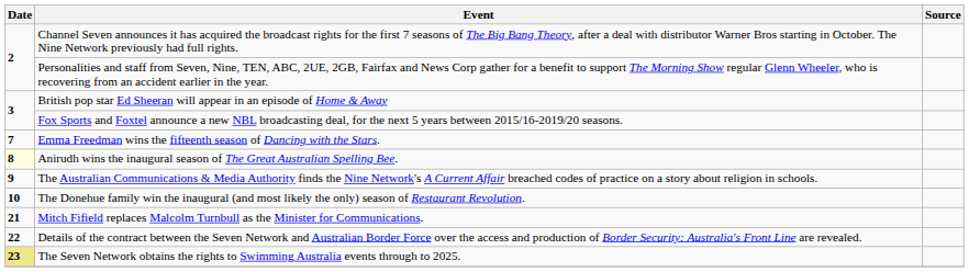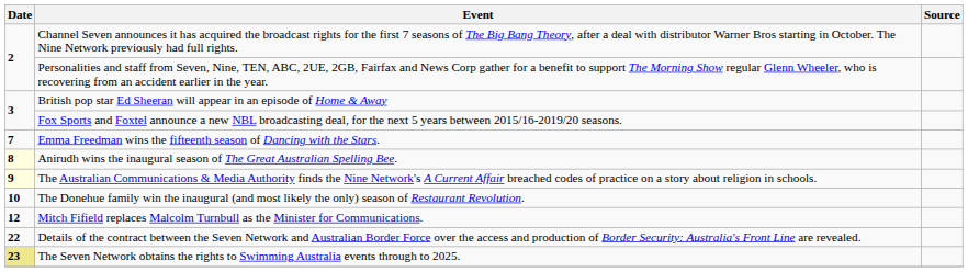 <table class="wikitable">
 <tr>
 <th>Date</th>
 <th>Event</th>
 <th>Source</th>
 </tr>
 <tr>
 <td rowspan="2"><strong>2</strong></td>
 <td>Channel Seven announces it has acquired the broadcast rights for the first 7 seasons of <em><a href='#'>The Big Bang Theory</a></em>, after a deal with distributor Warner Bros starting in October. The Nine Network previously had full rights.</td>
 <td></td>
 </tr>
 <tr>
 <td>Personalities and staff from Seven, Nine, TEN, ABC, 2UE, 2GB, Fairfax and News Corp gather for a benefit to support <em><a href='#'>The Morning Show</a></em> regular <a href='#'>Glenn Wheeler</a>, who is recovering from an accident earlier in the year.</td>
 <td></td>
 </tr>
 <tr>
 <td rowspan="2"><strong>3</strong></td>
 <td>British pop star <a href='#'>Ed Sheeran</a> will appear in an episode of <em><a href='#'>Home & Away</a></em></td>
 <td></td>
 </tr>
 <tr>
 <td><a href='#'>Fox Sports</a> and <a href='#'>Foxtel</a> announce a new <a href='#'>NBL</a> broadcasting deal, for the next 5 years between 2015/16-2019/20 seasons.</td>
 <td></td>
 </tr>
 <tr>
 <td><strong>7</strong></td>
 <td><a href='#'>Emma Freedman</a> wins the <a href='#'>fifteenth season</a> of <em><a href='#'>Dancing with the Stars</a></em>.</td>
 <td></td>
 </tr>
 <tr>
 <td style="background: lightyellow;"><strong>8</strong></td>
 <td>Anirudh wins the inaugural season of <em><a href='#'>The Great Australian Spelling Bee</a></em>.</td>
 <td></td>
 </tr>
 <tr>
-<td><strong>9</strong></td>
+<td style="background: lightyellow;"><strong>9</strong></td>
 <td>The <a href='#'>Australian Communications & Media Authority</a> finds the <a href='#'>Nine Network</a>'s <em><a href='#'>A Current Affair</a></em> breached codes of practice on a story about religion in schools.</td>
 <td></td>
 </tr>
 <tr>
 <td><strong>10</strong></td>
 <td>The Donehue family win the inaugural (and most likely the only) season of <em><a href='#'>Restaurant Revolution</a></em>.</td>
 <td></td>
 </tr>
 <tr>
-<td><strong>21</strong></td>
+<td><strong>12</strong></td>
 <td><a href='#'>Mitch Fifield</a> replaces <a href='#'>Malcolm Turnbull</a> as the <a href='#'>Minister for Communications</a>.</td>
 <td></td>
 </tr>
 <tr>
 <td><strong>22</strong></td>
 <td>Details of the contract between the Seven Network and <a href='#'>Australian Border Force</a> over the access and production of <em><a href='#'>Border Security: Australia's Front Line</a></em> are revealed.</td>
 <td></td>
 </tr>
 <tr>
 <td style="background: khaki;"><strong>23</strong></td>
 <td>The Seven Network obtains the rights to <a href='#'>Swimming Australia</a> events through to 2025.</td>
 <td></td>
 </tr>
 <tr>
 </tr>
 </table>
